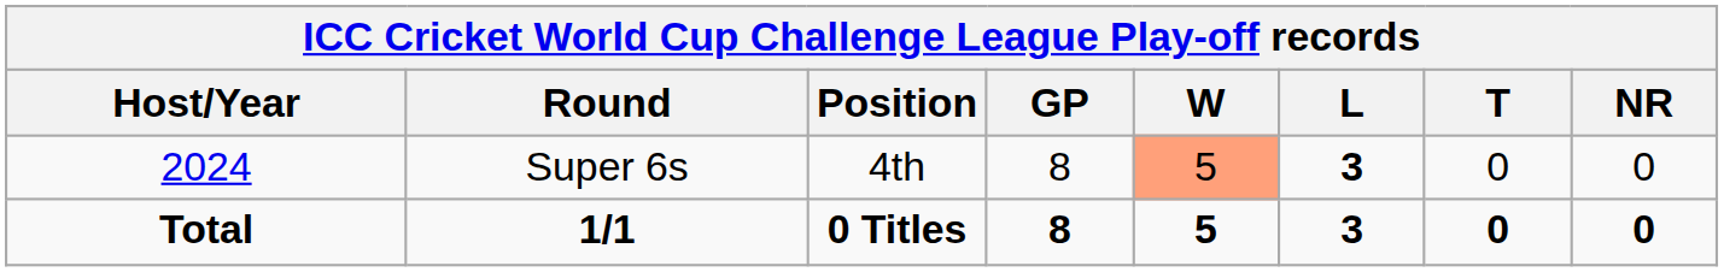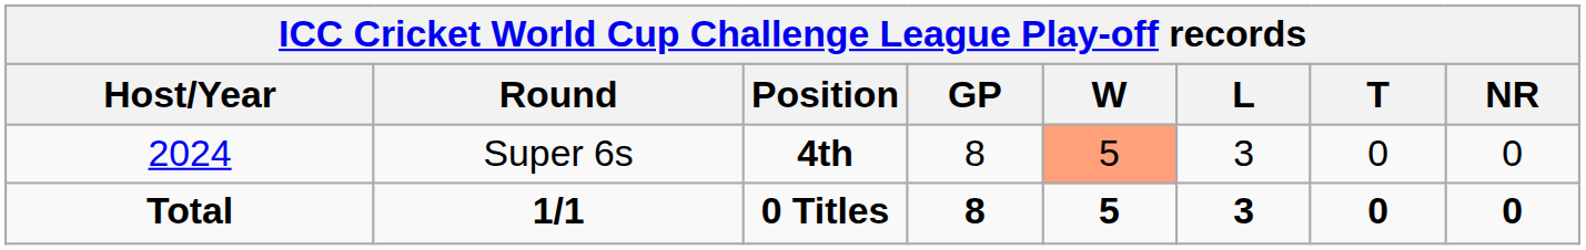 <table class="wikitable" style="text-align: center;">
 <tr>
 <th colspan=8><a href='#'>ICC Cricket World Cup Challenge League Play-off</a> records</th>
 </tr>
 <tr>
 <th width=150>Host/Year</th>
 <th width=150>Round</th>
 <th width=50>Position</th>
 <th width=50>GP</th>
 <th width=50>W</th>
 <th width=50>L</th>
 <th width=50>T</th>
 <th width=50>NR</th>
 </tr>
 <tr>
 <td> <a href='#'>2024</a></td>
 <td>Super 6s</td>
-<td>4th</td>
+<td><strong>4th</strong></td>
 <td>8</td>
 <td style="background: lightsalmon;">5</td>
-<td><strong>3</strong></td>
+<td>3</td>
 <td>0</td>
 <td>0</td>
 </tr>
 <tr>
 <td><strong>Total</strong></td>
 <td><strong>1/1</strong></td>
 <td><strong>0 Titles</strong></td>
 <td><strong>8</strong></td>
 <td><strong>5</strong></td>
 <td><strong>3</strong></td>
 <td><strong>0</strong></td>
 <td><strong>0</strong></td>
 </tr>
 </table>
